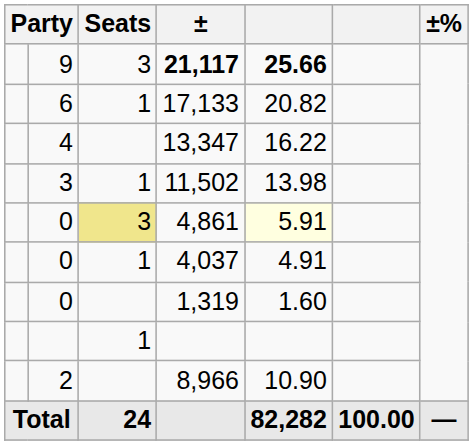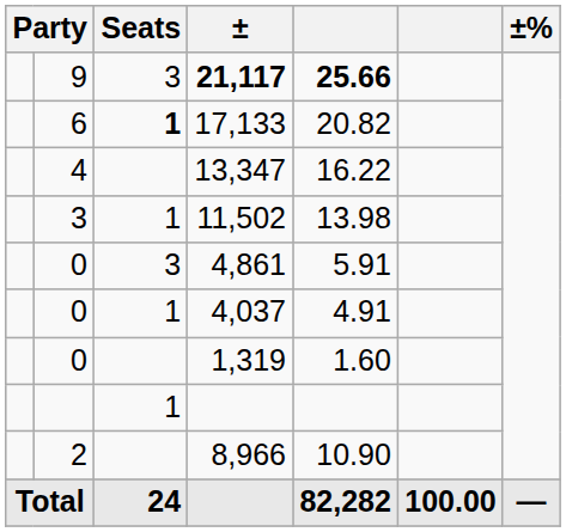 <table class=wikitable>
 <tr>
 <th colspan=2 align=center>Party</th>
 <th valign=top>Seats</th>
 <th valign=top>±</th>
 <th valign=top></th>
 <th valign=top></th>
 <th valign=top>±%</th>
 </tr>
 <tr>
 <td></td>
 <td align=right>9</td>
 <td align=right>3</td>
 <td align=right><strong>21,117</strong></td>
 <td align=right><strong>25.66</strong></td>
 <td align=right></td>
 </tr>
 <tr>
 <td></td>
 <td align=right>6</td>
-<td align=right>1</td>
+<td align=right><strong>1</strong></td>
 <td align=right>17,133</td>
 <td align=right>20.82</td>
 <td align=right></td>
 </tr>
 <tr>
 <td></td>
 <td align=right>4</td>
 <td align=right></td>
 <td align=right>13,347</td>
 <td align=right>16.22</td>
 <td align=right></td>
 </tr>
 <tr>
 <td></td>
 <td align=right>3</td>
 <td align=right>1</td>
 <td align=right>11,502</td>
 <td align=right>13.98</td>
 <td align=right></td>
 </tr>
 <tr>
 <td></td>
 <td align=right>0</td>
-<td align=right style="background: khaki;">3</td>
+<td align=right>3</td>
 <td align=right>4,861</td>
-<td align=right style="background: lightyellow;">5.91</td>
+<td align=right>5.91</td>
 <td align=right></td>
 </tr>
 <tr>
 <td></td>
 <td align=right>0</td>
 <td align=right>1</td>
 <td align=right>4,037</td>
 <td align=right>4.91</td>
 <td align=right></td>
 </tr>
 <tr>
 <td></td>
 <td align=right>0</td>
 <td align=right></td>
 <td align=right>1,319</td>
 <td align=right>1.60</td>
 <td align=right></td>
 </tr>
 <tr>
 <td></td>
 <td></td>
 <td align=right>1</td>
 <td></td>
 <td></td>
 <td align=right></td>
 </tr>
 <tr>
 <td></td>
 <td align=right>2</td>
 <td align=right></td>
 <td align=right>8,966</td>
 <td align=right>10.90</td>
 <td align=right></td>
 </tr>
 <tr style="font-weight:bold; background:rgb(232,232,232);">
 <td colspan="2" align="center">Total</td>
 <td align=right>24</td>
 <td align=center></td>
 <td align=right>82,282</td>
 <td align=center>100.00</td>
 <td align=center>—</td>
 </tr>
 </table>
